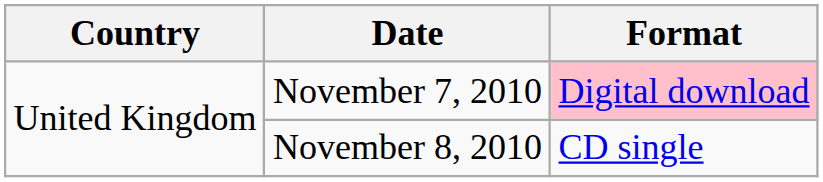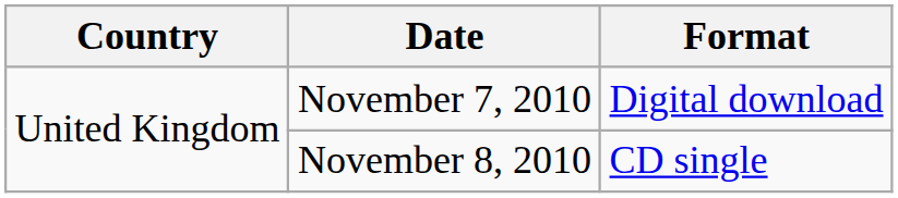 <table class="wikitable">
 <tr>
 <th>Country</th>
 <th>Date</th>
 <th>Format</th>
 </tr>
 <tr>
 <td rowspan="2">United Kingdom</td>
 <td>November 7, 2010</td>
-<td style="background: pink;"><a href='#'>Digital download</a></td>
+<td><a href='#'>Digital download</a></td>
 </tr>
 <tr>
 <td>November 8, 2010</td>
 <td><a href='#'>CD single</a></td>
 </tr>
 </table>
